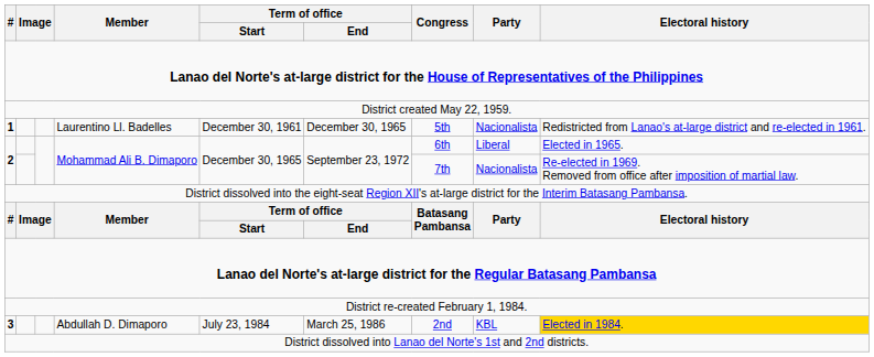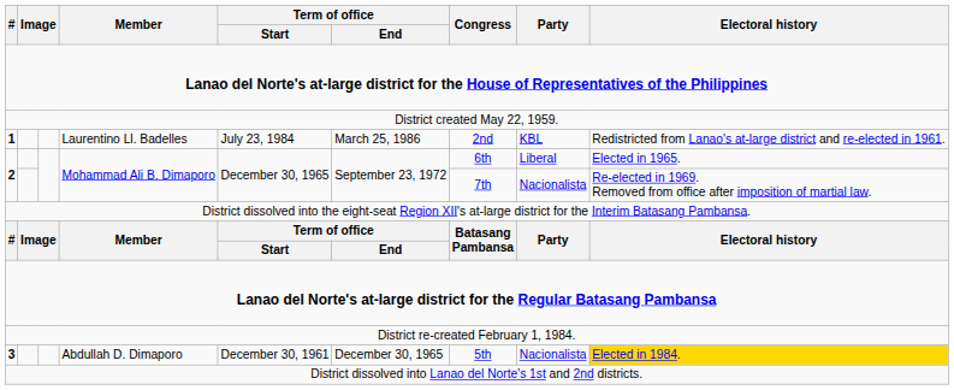 <table class=wikitable>
 <tr>
 <th rowspan="2">#</th>
 <th rowspan="2" colspan=2>Image</th>
 <th rowspan="2">Member</th>
 <th colspan=2>Term of office</th>
 <th rowspan="2">Congress</th>
 <th rowspan="2">Party</th>
 <th rowspan="2">Electoral history</th>
 </tr>
 <tr>
 <th>Start</th>
 <th>End</th>
 </tr>
 <tr>
 <td colspan="9" style="text-align:center;"><br><h3>Lanao del Norte's at-large district for the <a href='#'>House of Representatives of the Philippines</a></h3></td>
 </tr>
 <tr>
 <td colspan="9" style="text-align:center;">District created May 22, 1959.</td>
 </tr>
 <tr>
 <td style="text-align:center;"><strong>1</strong></td>
 <td style="color:inherit;background:"></td>
 <td></td>
 <td>Laurentino Ll. Badelles</td>
-<td>December 30, 1961</td>
-<td>December 30, 1965</td>
-<td style="text-align:center;"><a href='#'>5th</a></td>
-<td><a href='#'>Nacionalista</a></td>
+<td>July 23, 1984</td>
+<td>March 25, 1986</td>
+<td style="text-align:center;"><a href='#'>2nd</a></td>
+<td><a href='#'>KBL</a></td>
 <td>Redistricted from <a href='#'>Lanao's at-large district</a> and <a href='#'>re-elected in 1961</a>.</td>
 </tr>
 <tr>
 <td rowspan="2" style="text-align:center;"><strong>2</strong></td>
 <td style="color:inherit;background:"></td>
 <td rowspan="2"></td>
 <td rowspan="2"><a href='#'>Mohammad Ali B. Dimaporo</a></td>
 <td rowspan="2">December 30, 1965</td>
 <td rowspan="2">September 23, 1972</td>
 <td style="text-align:center;"><a href='#'>6th</a></td>
 <td><a href='#'>Liberal</a></td>
 <td><a href='#'>Elected in 1965</a>.</td>
 </tr>
 <tr>
 <td style="color:inherit;background:"></td>
 <td style="text-align:center;"><a href='#'>7th</a></td>
 <td><a href='#'>Nacionalista</a></td>
 <td><a href='#'>Re-elected in 1969</a>.<br>Removed from office after <a href='#'>imposition of martial law</a>.</td>
 </tr>
 <tr>
 <td colspan="9" style="text-align:center;">District dissolved into the eight-seat <a href='#'>Region XII</a>'s at-large district for the <a href='#'>Interim Batasang Pambansa</a>.</td>
 </tr>
 <tr>
 <th rowspan="2">#</th>
 <th rowspan="2" colspan=2>Image</th>
 <th rowspan="2">Member</th>
 <th colspan=2>Term of office</th>
 <th rowspan="2">Batasang<br>Pambansa</th>
 <th rowspan="2">Party</th>
 <th rowspan="2">Electoral history</th>
 </tr>
 <tr>
 <th>Start</th>
 <th>End</th>
 </tr>
 <tr>
 <td colspan="9" style="text-align:center;"><br><h3>Lanao del Norte's at-large district for the <a href='#'>Regular Batasang Pambansa</a></h3></td>
 </tr>
 <tr>
 <td colspan="9" style="text-align:center;">District re-created February 1, 1984.</td>
 </tr>
 <tr>
 <td style="text-align:center;"><strong>3</strong></td>
 <td style="color:inherit;background:"></td>
 <td></td>
 <td>Abdullah D. Dimaporo</td>
-<td>July 23, 1984</td>
-<td>March 25, 1986</td>
-<td style="text-align:center;"><a href='#'>2nd</a></td>
-<td><a href='#'>KBL</a></td>
+<td>December 30, 1961</td>
+<td>December 30, 1965</td>
+<td style="text-align:center;"><a href='#'>5th</a></td>
+<td><a href='#'>Nacionalista</a></td>
 <td style="background: gold;"><a href='#'>Elected in 1984</a>.</td>
 </tr>
 <tr>
 <td colspan="9" style="text-align:center;">District dissolved into <a href='#'>Lanao del Norte's 1st</a> and <a href='#'>2nd</a> districts.</td>
 </tr>
 </table>
